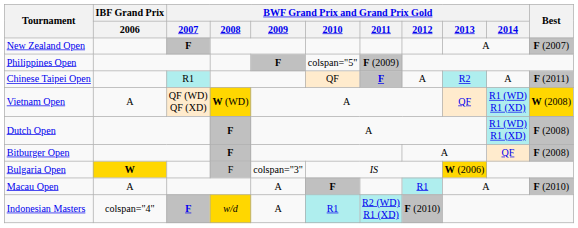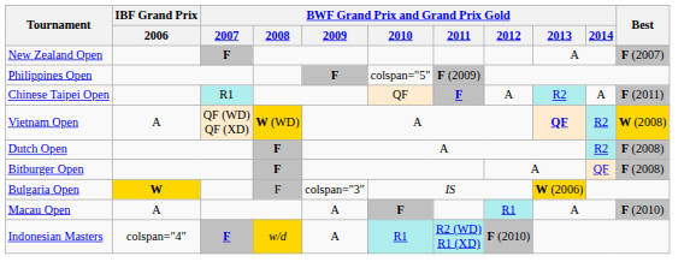 <table class="wikitable" style="font-size: 90%; text-align:center">
 <tr>
 <th rowspan="2">Tournament</th>
 <th><strong>IBF Grand Prix</strong></th>
 <th colspan="8"><strong><a href='#'>BWF Grand Prix and Grand Prix Gold</a></strong></th>
 <th rowspan="2">Best</th>
 </tr>
 <tr>
 <th>2006</th>
 <th><a href='#'>2007</a></th>
 <th><a href='#'>2008</a></th>
 <th><a href='#'>2009</a></th>
 <th><a href='#'>2010</a></th>
 <th><a href='#'>2011</a></th>
 <th><a href='#'>2012</a></th>
 <th><a href='#'>2013</a></th>
 <th><a href='#'>2014</a></th>
 </tr>
 <tr>
 <td align=left><a href='#'>New Zealand Open</a></td>
 <td></td>
 <td bgcolor=Silver><strong>F</strong></td>
 <td colspan="2"></td>
 <td></td>
 <td></td>
 <td></td>
 <td colspan="2">A</td>
 <td bgcolor=Silver><strong>F</strong> (2007)</td>
 </tr>
 <tr>
 <td align=left><a href='#'>Philippines Open</a></td>
 <td colspan="2"></td>
 <td></td>
 <td bgcolor=Silver><strong>F</strong></td>
 <td>colspan="5" </td>
 <td bgcolor=Silver><strong>F</strong> (2009)</td>
 </tr>
 <tr>
 <td align=left><a href='#'>Chinese Taipei Open</a></td>
 <td></td>
 <td bgcolor=AFEEEE>R1</td>
 <td colspan="2"></td>
 <td bgcolor=FFEBCD>QF</td>
 <td bgcolor=Silver><a href='#'><strong>F</strong></a></td>
 <td>A</td>
 <td bgcolor=AFEEEE><a href='#'>R2</a></td>
 <td>A</td>
 <td bgcolor=Silver><strong>F</strong> (2011)</td>
 </tr>
 <tr>
 <td align=left><a href='#'>Vietnam Open</a></td>
 <td>A</td>
 <td bgcolor=FFEBCD>QF (WD)<br> QF (XD)</td>
 <td bgcolor=Gold><strong>W</strong> (WD)</td>
 <td colspan="4">A</td>
-<td bgcolor=FFEBCD><a href='#'>QF</a></td>
-<td bgcolor=AFEEEE><a href='#'>R1 (WD)</a><br><a href='#'>R1 (XD)</a></td>
+<td bgcolor=FFEBCD><strong><a href='#'>QF</a></strong></td>
+<td bgcolor=AFEEEE><a href='#'>R2</a></td>
 <td bgcolor=Gold><strong>W</strong> (2008)</td>
 </tr>
 <tr>
 <td align=left><a href='#'>Dutch Open</a></td>
 <td colspan="2"></td>
 <td bgcolor=Silver><strong>F</strong></td>
 <td colspan="5">A</td>
-<td bgcolor=AFEEEE><a href='#'>R1 (WD)</a><br><a href='#'>R1 (XD)</a></td>
+<td bgcolor=AFEEEE><a href='#'>R2</a></td>
 <td bgcolor=Silver><strong>F</strong> (2008)</td>
 </tr>
 <tr>
 <td align=left><a href='#'>Bitburger Open</a></td>
 <td colspan="2"></td>
 <td bgcolor=Silver><strong>F</strong></td>
 <td colspan="3"></td>
 <td colspan="2">A</td>
 <td bgcolor=FFEBCD><a href='#'>QF</a></td>
 <td bgcolor=Silver><strong>F</strong> (2008)</td>
 </tr>
 <tr>
 <td align=left><a href='#'>Bulgaria Open</a></td>
 <td bgcolor=Gold><strong>W</strong></td>
 <td></td>
 <td bgcolor=Silver>F</td>
 <td>colspan="3" </td>
 <td colspan="3"><em>IS</em></td>
 <td bgcolor=Gold><strong>W</strong> (2006)</td>
 </tr>
 <tr>
 <td align=left><a href='#'>Macau Open</a></td>
 <td>A</td>
 <td colspan="2"></td>
 <td>A</td>
 <td bgcolor=Silver><strong>F</strong></td>
 <td></td>
 <td bgcolor=AFEEEE><a href='#'>R1</a></td>
 <td colspan="2">A</td>
 <td bgcolor=Silver><strong>F</strong> (2010)</td>
 </tr>
 <tr>
 <td align=left><a href='#'>Indonesian Masters</a></td>
 <td>colspan="4" </td>
 <td bgcolor=Silver><a href='#'><strong>F</strong></a></td>
 <td style="background: gold;"><em>w/d</em></td>
 <td>A</td>
 <td bgcolor=AFEEEE><a href='#'>R1</a></td>
 <td bgcolor=AFEEEE><a href='#'>R2 (WD)</a><br><a href='#'>R1 (XD)</a></td>
 <td bgcolor=Silver><strong>F</strong> (2010)</td>
 </tr>
 </table>
